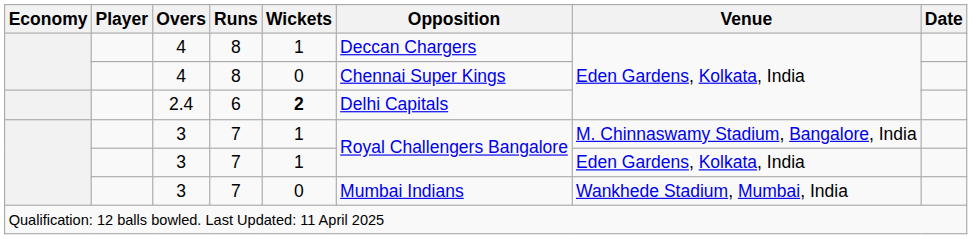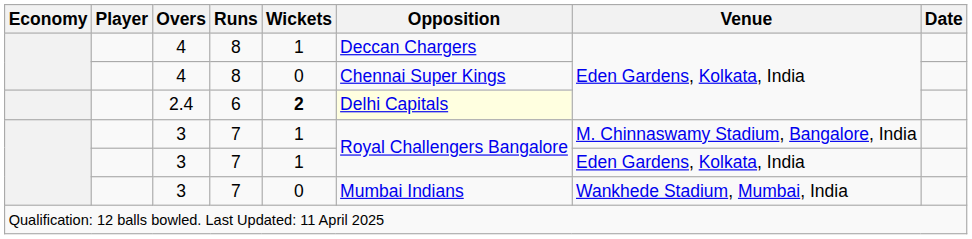 <table class="wikitable sortable" style="text-align:left;font-size:96%;">
 <tr>
 <th>Economy</th>
 <th>Player</th>
 <th>Overs</th>
 <th>Runs</th>
 <th>Wickets</th>
 <th>Opposition</th>
 <th>Venue</th>
 <th>Date</th>
 </tr>
 <tr>
 <th scope=row style=text-align:center; rowspan=2></th>
 <td></td>
 <td align=center>4</td>
 <td align=center>8</td>
 <td align=center>1</td>
 <td><a href='#'>Deccan Chargers</a></td>
 <td rowspan=3><a href='#'>Eden Gardens</a>, <a href='#'>Kolkata</a>, India</td>
 <td></td>
 </tr>
 <tr>
 <td></td>
 <td align=center>4</td>
 <td align=center>8</td>
 <td align=center>0</td>
 <td><a href='#'>Chennai Super Kings</a></td>
 <td></td>
 </tr>
 <tr>
 <th scope=row style=text-align:center;></th>
 <td></td>
 <td align=center>2.4</td>
 <td align=center>6</td>
 <td align=center><strong>2</strong></td>
-<td><a href='#'>Delhi Capitals</a></td>
+<td style="background: lightyellow;"><a href='#'>Delhi Capitals</a></td>
 <td></td>
 </tr>
 <tr>
 <th scope=row style=text-align:center; rowspan=3></th>
 <td></td>
 <td align=center>3</td>
 <td align=center>7</td>
 <td align=center>1</td>
 <td rowspan=2><a href='#'>Royal Challengers Bangalore</a></td>
 <td><a href='#'>M. Chinnaswamy Stadium</a>, <a href='#'>Bangalore</a>, India</td>
 <td></td>
 </tr>
 <tr>
 <td></td>
 <td align=center>3</td>
 <td align=center>7</td>
 <td align=center>1</td>
 <td><a href='#'>Eden Gardens</a>, <a href='#'>Kolkata</a>, India</td>
 <td></td>
 </tr>
 <tr>
 <td></td>
 <td align=center>3</td>
 <td align=center>7</td>
 <td align=center>0</td>
 <td><a href='#'>Mumbai Indians</a></td>
 <td><a href='#'>Wankhede Stadium</a>, <a href='#'>Mumbai</a>, India</td>
 <td></td>
 </tr>
 <tr class=sortbottom>
 <td colspan=9><small>Qualification: 12 balls bowled. Last Updated: 11 April 2025</small></td>
 </tr>
 </table>
